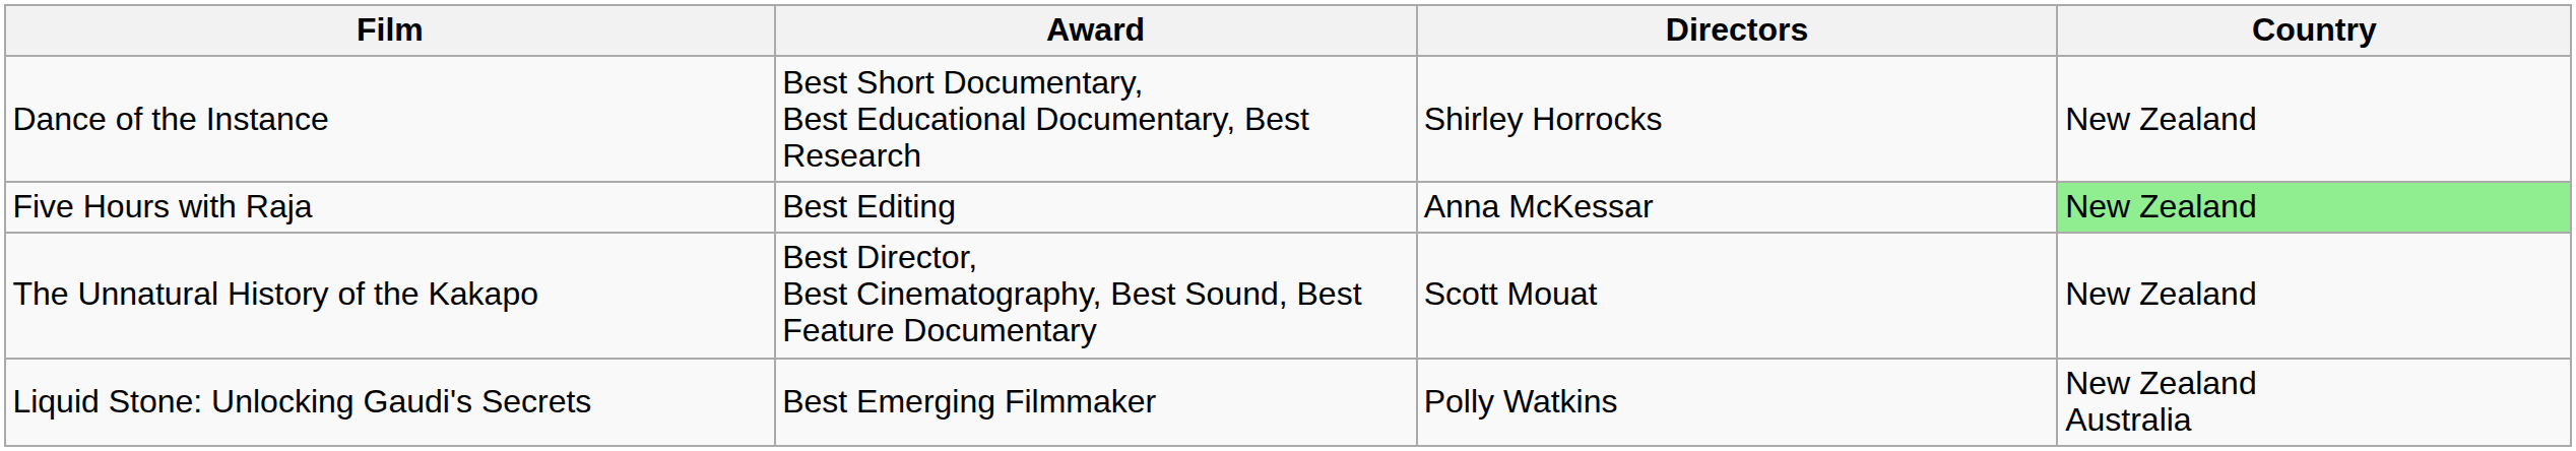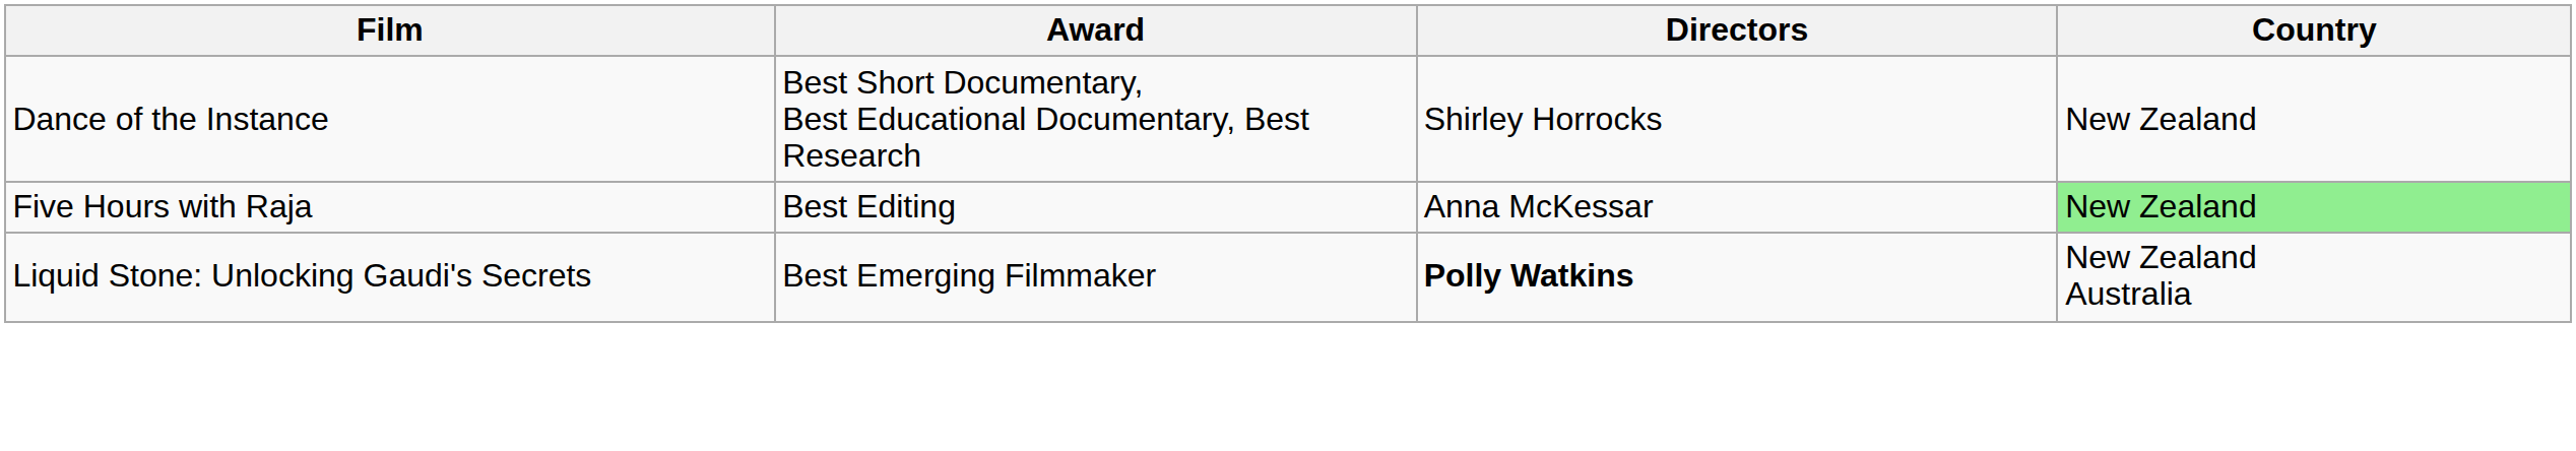 <table class="wikitable" style="width:100%;">
 <tr>
 <th width="30%">Film</th>
 <th width="25%">Award</th>
 <th width="25%">Directors</th>
 <th width="20%">Country</th>
 </tr>
 <tr>
 <td>Dance of the Instance</td>
 <td>Best Short Documentary,<br>Best Educational Documentary, Best Research</td>
 <td>Shirley Horrocks</td>
 <td> New Zealand</td>
 </tr>
 <tr>
 </tr>
 <tr>
 <td>Five Hours with Raja</td>
 <td>Best Editing</td>
 <td>Anna McKessar</td>
 <td style="background: lightgreen;"> New Zealand</td>
 </tr>
 <tr>
 </tr>
 <tr>
-<td>The Unnatural History of the Kakapo</td>
-<td>Best Director,<br>Best Cinematography, Best Sound, Best Feature Documentary</td>
-<td>Scott Mouat</td>
-<td> New Zealand</td>
-</tr>
-<tr>
 </tr>
 <tr>
 <td>Liquid Stone: Unlocking Gaudi's Secrets</td>
 <td>Best Emerging Filmmaker</td>
-<td>Polly Watkins</td>
+<td><strong>Polly Watkins</strong></td>
 <td> New Zealand<br> Australia</td>
 </tr>
 <tr>
 </tr>
 </table>
